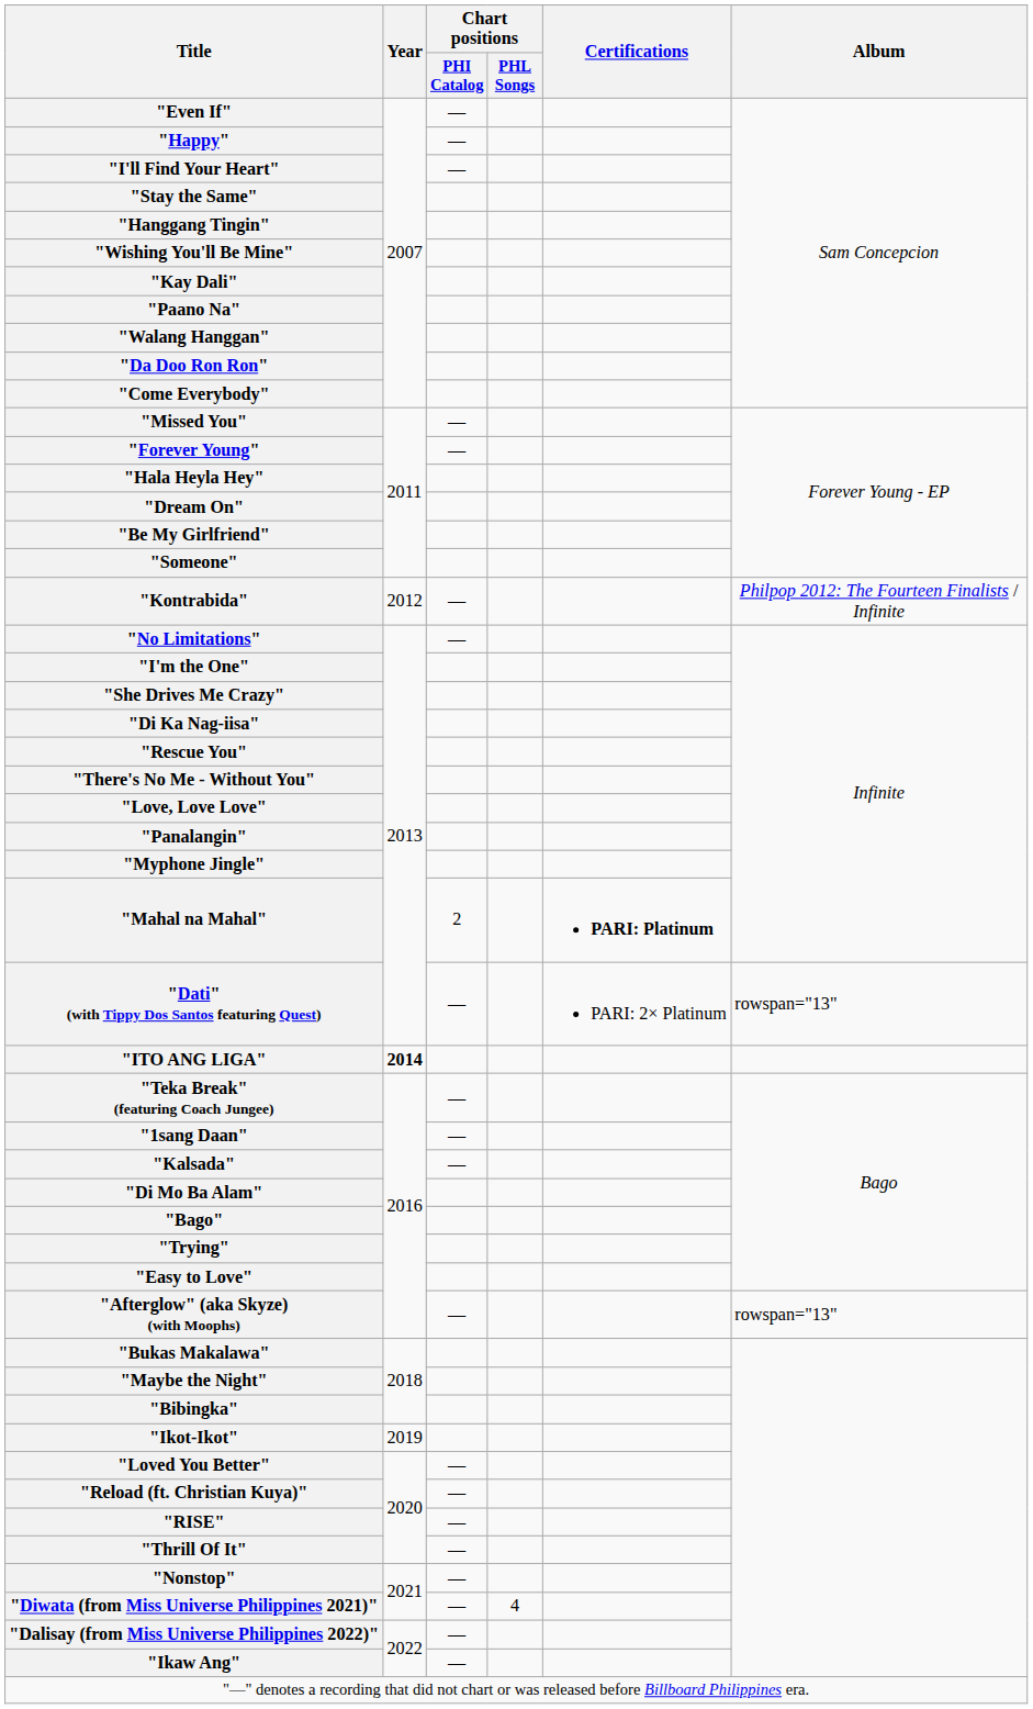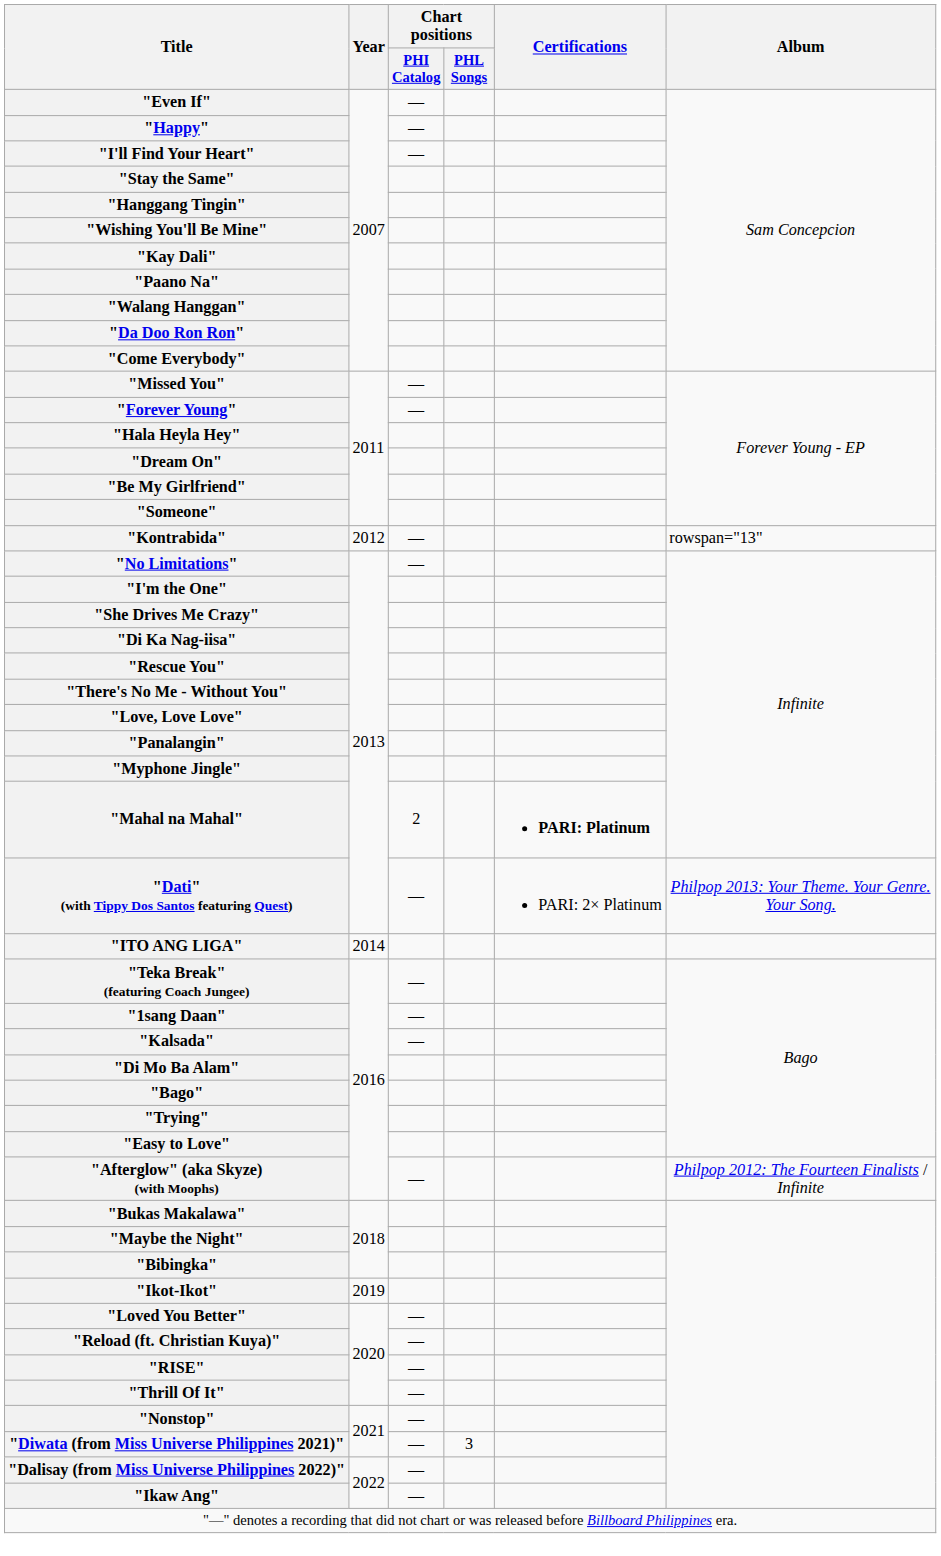 <table class="wikitable plainrowheaders">
 <tr>
 <th scope="col" rowspan="2">Title</th>
 <th scope="col" rowspan="2">Year</th>
 <th colspan="2" scope="col" style="width:2em;">Chart positions</th>
 <th scope="col" rowspan="2"><a href='#'>Certifications</a></th>
 <th scope="col" rowspan="2" width="260">Album</th>
 </tr>
 <tr>
 <th scope="col" style="width:3em; font-size:90%;"><a href='#'>PHI<br>Catalog</a><br></th>
 <th scope="col" style="font-size:90%; width:3em"><a href='#'>PHL<br>Songs</a><br></th>
 </tr>
 <tr>
 <th scope="row">"Even If"</th>
 <td rowspan="11">2007</td>
 <td align="center">—</td>
 <td></td>
 <td></td>
 <td rowspan="11" align="center"><em>Sam Concepcion</em></td>
 </tr>
 <tr>
 <th scope="row">"<a href='#'>Happy</a>"</th>
 <td align="center">—</td>
 <td></td>
 <td></td>
 </tr>
 <tr>
 <th scope="row">"I'll Find Your Heart"</th>
 <td align="center">—</td>
 <td></td>
 <td></td>
 </tr>
 <tr>
 <th scope="row">"Stay the Same"</th>
 <td></td>
 <td></td>
 <td></td>
 </tr>
 <tr>
 <th scope="row">"Hanggang Tingin"</th>
 <td></td>
 <td></td>
 <td></td>
 </tr>
 <tr>
 <th scope="row">"Wishing You'll Be Mine"</th>
 <td></td>
 <td></td>
 <td></td>
 </tr>
 <tr>
 <th scope="row">"Kay Dali"</th>
 <td></td>
 <td></td>
 <td></td>
 </tr>
 <tr>
 <th scope="row">"Paano Na"</th>
 <td></td>
 <td></td>
 <td></td>
 </tr>
 <tr>
 <th scope="row">"Walang Hanggan"</th>
 <td></td>
 <td></td>
 <td></td>
 </tr>
 <tr>
 <th scope="row">"<a href='#'>Da Doo Ron Ron</a>"</th>
 <td></td>
 <td></td>
 <td></td>
 </tr>
 <tr>
 <th scope="row">"Come Everybody"</th>
 <td></td>
 <td></td>
 <td></td>
 </tr>
 <tr>
 <th scope="row">"Missed You"</th>
 <td rowspan="6">2011</td>
 <td align="center">—</td>
 <td></td>
 <td></td>
 <td rowspan="6" align="center"><em>Forever Young - EP</em></td>
 </tr>
 <tr>
 <th scope="row">"<a href='#'>Forever Young</a>"</th>
 <td align="center">—</td>
 <td></td>
 <td></td>
 </tr>
 <tr>
 <th scope="row">"Hala Heyla Hey"</th>
 <td></td>
 <td></td>
 <td></td>
 </tr>
 <tr>
 <th scope="row">"Dream On"</th>
 <td></td>
 <td></td>
 <td></td>
 </tr>
 <tr>
 <th scope="row">"Be My Girlfriend"</th>
 <td></td>
 <td></td>
 <td></td>
 </tr>
 <tr>
 <th scope="row">"Someone"</th>
 <td></td>
 <td></td>
 <td></td>
 </tr>
 <tr>
 <th scope="row">"Kontrabida"</th>
 <td>2012</td>
 <td align="center">—</td>
 <td></td>
 <td></td>
-<td align="center"><em><a href='#'>Philpop 2012: The Fourteen Finalists</a></em> / <em>Infinite</em></td>
+<td>rowspan="13" </td>
 </tr>
 <tr>
 <th scope="row">"<a href='#'>No Limitations</a>"</th>
 <td rowspan="11">2013</td>
 <td align="center">—</td>
 <td></td>
 <td></td>
 <td rowspan="10" align="center"><em>Infinite</em></td>
 </tr>
 <tr>
 <th scope="row">"I'm the One"</th>
 <td></td>
 <td></td>
 <td></td>
 </tr>
 <tr>
 <th scope="row">"She Drives Me Crazy"</th>
 <td></td>
 <td></td>
 <td></td>
 </tr>
 <tr>
 <th scope="row">"Di Ka Nag-iisa"</th>
 <td></td>
 <td></td>
 <td></td>
 </tr>
 <tr>
 <th scope="row">"Rescue You"</th>
 <td></td>
 <td></td>
 <td></td>
 </tr>
 <tr>
 <th scope="row">"There's No Me - Without You"</th>
 <td></td>
 <td></td>
 <td></td>
 </tr>
 <tr>
 <th scope="row">"Love, Love Love"</th>
 <td></td>
 <td></td>
 <td></td>
 </tr>
 <tr>
 <th scope="row">"Panalangin"</th>
 <td></td>
 <td></td>
 <td></td>
 </tr>
 <tr>
 <th scope="row">"Myphone Jingle"</th>
 <td></td>
 <td></td>
 <td></td>
 </tr>
 <tr>
 <th scope="row">"Mahal na Mahal"</th>
 <td align="center">2</td>
 <td></td>
 <td><strong><br><ul><li>PARI: Platinum</li></ul></strong></td>
 </tr>
 <tr>
 <th scope="row">"<a href='#'>Dati</a>"<br><small>(with <a href='#'>Tippy Dos Santos</a> featuring <a href='#'>Quest</a>)</small></th>
 <td align="center">—</td>
 <td></td>
 <td><br><ul><li>PARI: 2× Platinum</li></ul></td>
-<td>rowspan="13" </td>
+<td align="center"><em><a href='#'>Philpop 2013: Your Theme. Your Genre. Your Song.</a></em></td>
 </tr>
 <tr>
 <th scope="row">"ITO ANG LIGA"</th>
-<td><strong>2014</strong></td>
+<td>2014</td>
 <td></td>
 <td></td>
 <td></td>
 <td></td>
 </tr>
 <tr>
 <th scope="row">"Teka Break"<br><small>(featuring Coach Jungee)</small></th>
 <td rowspan="8">2016</td>
 <td align="center">—</td>
 <td></td>
 <td></td>
 <td rowspan="7" align="center"><em>Bago</em></td>
 </tr>
 <tr>
 <th scope="row">"1sang Daan"</th>
 <td align="center">—</td>
 <td></td>
 <td></td>
 </tr>
 <tr>
 <th scope="row">"Kalsada"</th>
 <td align="center">—</td>
 <td></td>
 <td></td>
 </tr>
 <tr>
 <th scope="row">"Di Mo Ba Alam"</th>
 <td></td>
 <td></td>
 <td></td>
 </tr>
 <tr>
 <th scope="row">"Bago"</th>
 <td></td>
 <td></td>
 <td></td>
 </tr>
 <tr>
 <th scope="row">"Trying"</th>
 <td></td>
 <td></td>
 <td></td>
 </tr>
 <tr>
 <th scope="row">"Easy to Love"</th>
 <td></td>
 <td></td>
 <td></td>
 </tr>
 <tr>
 <th scope="row">"Afterglow" (aka Skyze)<br><small>(with Moophs)</small></th>
 <td align="center">—</td>
 <td></td>
 <td></td>
-<td>rowspan="13" </td>
+<td align="center"><em><a href='#'>Philpop 2012: The Fourteen Finalists</a></em> / <em>Infinite</em></td>
 </tr>
 <tr>
 <th scope="row">"Bukas Makalawa"</th>
 <td rowspan="3">2018</td>
 <td></td>
 <td></td>
 <td></td>
 </tr>
 <tr>
 <th scope="row">"Maybe the Night"</th>
 <td></td>
 <td></td>
 <td></td>
 </tr>
 <tr>
 <th scope="row">"Bibingka"</th>
 <td></td>
 <td></td>
 <td></td>
 </tr>
 <tr>
 <th scope="row">"Ikot-Ikot"</th>
 <td>2019</td>
 <td></td>
 <td></td>
 <td></td>
 </tr>
 <tr>
 <th scope="row">"Loved You Better"</th>
 <td rowspan="4">2020</td>
 <td align="center">—</td>
 <td></td>
 <td></td>
 </tr>
 <tr>
 <th scope="row">"Reload (ft. Christian Kuya)"</th>
 <td align="center">—</td>
 <td></td>
 <td></td>
 </tr>
 <tr>
 <th scope="row">"RISE"</th>
 <td align="center">—</td>
 <td></td>
 <td></td>
 </tr>
 <tr>
 <th scope="row">"Thrill Of It"</th>
 <td align="center">—</td>
 <td></td>
 <td></td>
 </tr>
 <tr>
 <th scope="row">"Nonstop"</th>
 <td rowspan="2">2021</td>
 <td align="center">—</td>
 <td></td>
 <td></td>
 </tr>
 <tr>
 <th scope="row">"<a href='#'>Diwata</a> (from <a href='#'>Miss Universe Philippines</a> 2021)"</th>
 <td align="center">—</td>
-<td align="center">4</td>
+<td align="center">3</td>
 <td></td>
 </tr>
 <tr>
 <th scope="row">"Dalisay (from <a href='#'>Miss Universe Philippines</a> 2022)"</th>
 <td rowspan="2">2022</td>
 <td align="center">—</td>
 <td align="center"></td>
 <td></td>
 </tr>
 <tr>
 <th scope="row">"Ikaw Ang"</th>
 <td align="center">—</td>
 <td align="center"></td>
 <td></td>
 </tr>
 <tr>
 <td colspan="16" align="center" style="font-size:90%">"—" denotes a recording that did not chart or was released before <em><a href='#'>Billboard Philippines</a></em> era.</td>
 </tr>
 </table>
